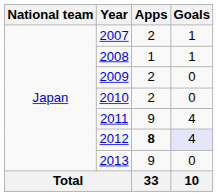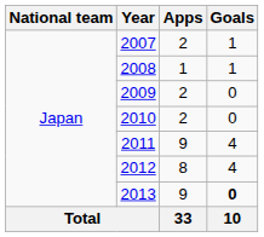 <table class="wikitable" style="text-align:center">
 <tr>
 <th>National team</th>
 <th>Year</th>
 <th>Apps</th>
 <th>Goals</th>
 </tr>
 <tr>
 <td rowspan="7"><a href='#'>Japan</a></td>
 <td><a href='#'>2007</a></td>
 <td>2</td>
 <td>1</td>
 </tr>
 <tr>
 <td><a href='#'>2008</a></td>
 <td>1</td>
 <td>1</td>
 </tr>
 <tr>
 <td><a href='#'>2009</a></td>
 <td>2</td>
 <td>0</td>
 </tr>
 <tr>
 <td><a href='#'>2010</a></td>
 <td>2</td>
 <td>0</td>
 </tr>
 <tr>
 <td><a href='#'>2011</a></td>
 <td>9</td>
 <td>4</td>
 </tr>
 <tr>
 <td><a href='#'>2012</a></td>
-<td><strong>8</strong></td>
-<td style="background: lavender;">4</td>
+<td>8</td>
+<td>4</td>
 </tr>
 <tr>
 <td><a href='#'>2013</a></td>
 <td>9</td>
-<td>0</td>
+<td><strong>0</strong></td>
 </tr>
 <tr>
 <th colspan="2">Total</th>
 <th>33</th>
 <th>10</th>
 </tr>
 </table>
